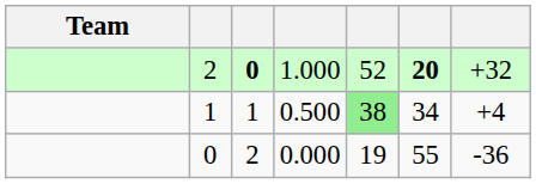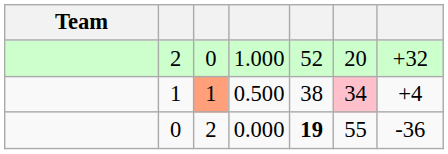 <table class="wikitable" style="text-align:center; width:50%">
 <tr>
 <th width="35%">Team</th>
 <th width="8%"></th>
 <th width="8%"></th>
 <th width="14%"></th>
 <th width="10%"></th>
 <th width="10%"></th>
 <th width="15%"></th>
 </tr>
 <tr style="background:#CCFFCC;">
 <td style="text-align:left;"></td>
 <td>2</td>
-<td><strong>0</strong></td>
+<td>0</td>
 <td>1.000</td>
 <td>52</td>
-<td><strong>20</strong></td>
+<td>20</td>
 <td>+32</td>
 </tr>
 <tr>
 <td style="text-align:left;"></td>
 <td>1</td>
-<td>1</td>
+<td style="background: lightsalmon;">1</td>
 <td>0.500</td>
-<td style="background: lightgreen;">38</td>
-<td>34</td>
+<td>38</td>
+<td style="background: pink;">34</td>
 <td>+4</td>
 </tr>
 <tr>
 <td style="text-align:left;"></td>
 <td>0</td>
 <td>2</td>
 <td>0.000</td>
-<td>19</td>
+<td><strong>19</strong></td>
 <td>55</td>
 <td>-36</td>
 </tr>
 </table>
